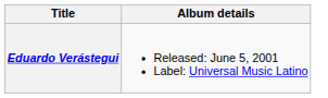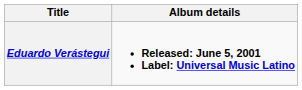 <table class="wikitable plainrowheaders">
 <tr>
 <th scope="col">Title</th>
 <th scope="col">Album details</th>
 </tr>
 <tr>
 <th scope="row"><em><a href='#'>Eduardo Verástegui</a></em></th>
-<td><br><ul><li>Released: June 5, 2001</li><li>Label: <a href='#'>Universal Music Latino</a></li></ul></td>
+<td><strong><br><ul><li>Released: June 5, 2001</li><li>Label: <a href='#'>Universal Music Latino</a></li></ul></strong></td>
 </tr>
 </table>
